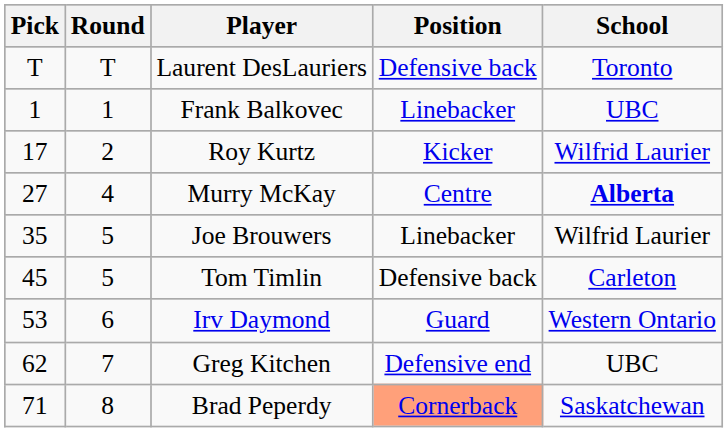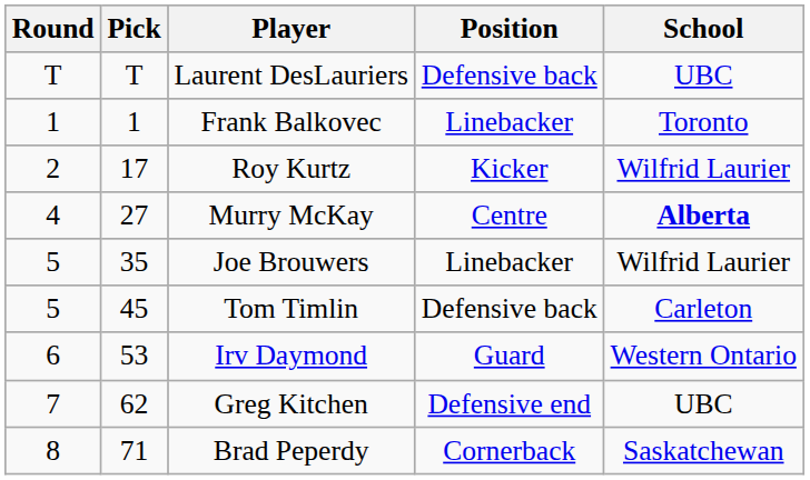 <table class="wikitable" style="font-size: 95%;">
 <tr>
+<th scope="col">Round</th>
 <th scope="col">Pick</th>
-<th scope="col">Round</th>
 <th scope="col">Player</th>
 <th scope="col">Position</th>
 <th scope="col">School</th>
 </tr>
 <tr align="center">
+<td align=center>T</td>
 <td>T</td>
-<td align=center>T</td>
 <td>Laurent DesLauriers</td>
 <td><a href='#'>Defensive back</a></td>
+<td><a href='#'>UBC</a></td>
+</tr>
+<tr align="center">
+<td align=center>1</td>
+<td>1</td>
+<td>Frank Balkovec</td>
+<td><a href='#'>Linebacker</a></td>
 <td><a href='#'>Toronto</a></td>
 </tr>
 <tr align="center">
-<td>1</td>
-<td align=center>1</td>
-<td>Frank Balkovec</td>
-<td><a href='#'>Linebacker</a></td>
-<td><a href='#'>UBC</a></td>
-</tr>
-<tr align="center">
+<td align=center>2</td>
 <td>17</td>
-<td align=center>2</td>
 <td>Roy Kurtz</td>
 <td><a href='#'>Kicker</a></td>
 <td><a href='#'>Wilfrid Laurier</a></td>
 </tr>
 <tr align="center">
+<td align=center>4</td>
 <td>27</td>
-<td align=center>4</td>
 <td>Murry McKay</td>
 <td><a href='#'>Centre</a></td>
 <td><strong><a href='#'>Alberta</a></strong></td>
 </tr>
 <tr align="center">
+<td align=center>5</td>
 <td>35</td>
-<td align=center>5</td>
 <td>Joe Brouwers</td>
 <td>Linebacker</td>
 <td>Wilfrid Laurier</td>
 </tr>
 <tr align="center">
+<td align=center>5</td>
 <td>45</td>
-<td align=center>5</td>
 <td>Tom Timlin</td>
 <td>Defensive back</td>
 <td><a href='#'>Carleton</a></td>
 </tr>
 <tr align="center">
+<td align=center>6</td>
 <td>53</td>
-<td align=center>6</td>
 <td><a href='#'>Irv Daymond</a></td>
 <td><a href='#'>Guard</a></td>
 <td><a href='#'>Western Ontario</a></td>
 </tr>
 <tr align="center">
+<td align=center>7</td>
 <td>62</td>
-<td align=center>7</td>
 <td>Greg Kitchen</td>
 <td><a href='#'>Defensive end</a></td>
 <td>UBC</td>
 </tr>
 <tr align="center">
+<td align=center>8</td>
 <td>71</td>
-<td align=center>8</td>
 <td>Brad Peperdy</td>
-<td style="background: lightsalmon;"><a href='#'>Cornerback</a></td>
+<td><a href='#'>Cornerback</a></td>
 <td><a href='#'>Saskatchewan</a></td>
 </tr>
 </table>
